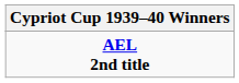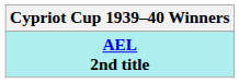 <table class="wikitable" style="text-align:center;margin: 0 auto;">
 <tr>
 <th>Cypriot Cup 1939–40 Winners</th>
 </tr>
 <tr>
 </tr>
 <tr>
-<td><strong><a href='#'>AEL</a></strong><br><strong>2nd title</strong></td>
+<td style="background: paleturquoise;"><strong><a href='#'>AEL</a></strong><br><strong>2nd title</strong></td>
 </tr>
 </table>
